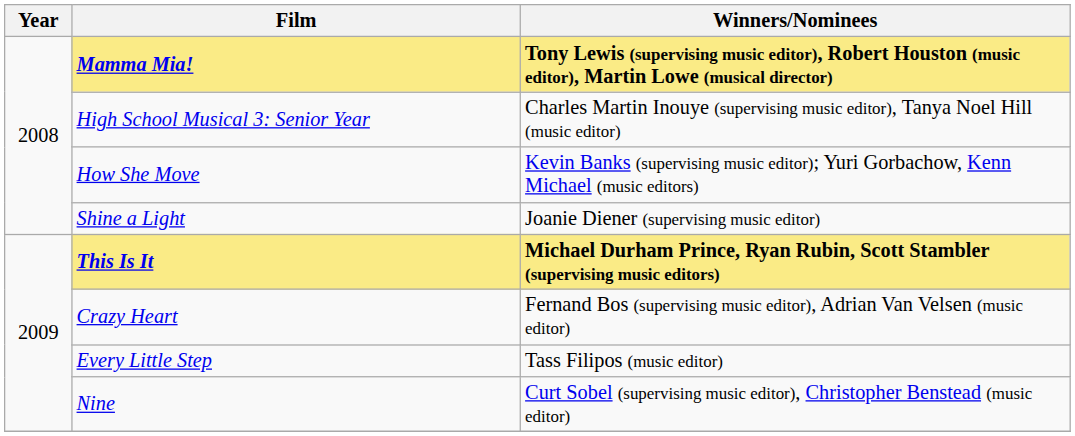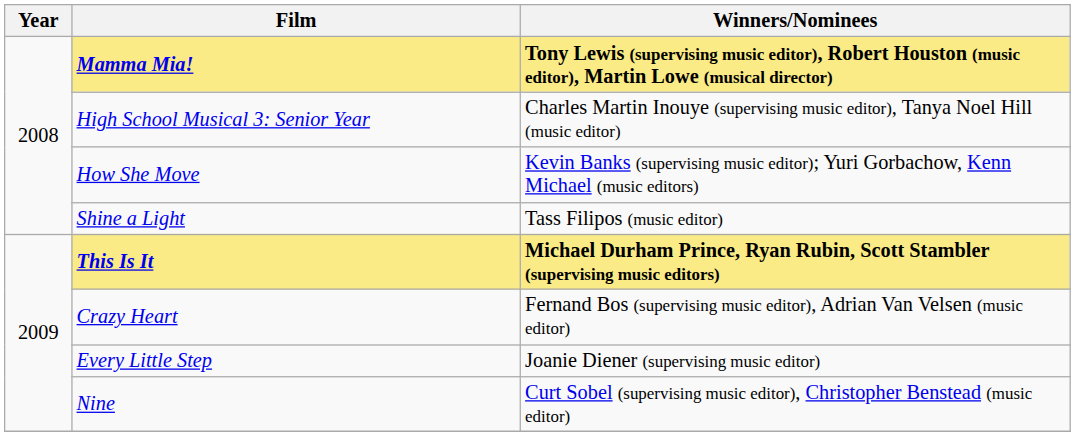 <table class="wikitable" width="95%" cellpadding="5">
 <tr>
 <th width="6%">Year</th>
 <th width="40%">Film</th>
 <th width="49%">Winners/Nominees</th>
 </tr>
 <tr>
 <td rowspan=4 style="text-align:center">2008<br></td>
 <td style="background:#FAEB86;"><strong><em><a href='#'>Mamma Mia!</a></em></strong></td>
 <td style="background:#FAEB86;"><strong>Tony Lewis <small>(supervising music editor)</small>, Robert Houston <small>(music editor)</small>, Martin Lowe <small>(musical director)</small></strong></td>
 </tr>
 <tr>
 <td><em><a href='#'>High School Musical 3: Senior Year</a></em></td>
 <td>Charles Martin Inouye <small>(supervising music editor)</small>, Tanya Noel Hill <small>(music editor)</small></td>
 </tr>
 <tr>
 <td><em><a href='#'>How She Move</a></em></td>
 <td><a href='#'>Kevin Banks</a> <small>(supervising music editor)</small>; Yuri Gorbachow, <a href='#'>Kenn Michael</a> <small>(music editors)</small></td>
 </tr>
 <tr>
 <td><em><a href='#'>Shine a Light</a></em></td>
-<td>Joanie Diener <small>(supervising music editor)</small></td>
+<td>Tass Filipos <small>(music editor)</small></td>
 </tr>
 <tr>
 <td rowspan=4 style="text-align:center">2009<br></td>
 <td style="background:#FAEB86;"><strong><em><a href='#'>This Is It</a></em></strong></td>
 <td style="background:#FAEB86;"><strong>Michael Durham Prince, Ryan Rubin, Scott Stambler <small>(supervising music editors)</small></strong></td>
 </tr>
 <tr>
 <td><em><a href='#'>Crazy Heart</a></em></td>
 <td>Fernand Bos <small>(supervising music editor)</small>, Adrian Van Velsen <small>(music editor)</small></td>
 </tr>
 <tr>
 <td><em><a href='#'>Every Little Step</a></em></td>
-<td>Tass Filipos <small>(music editor)</small></td>
+<td>Joanie Diener <small>(supervising music editor)</small></td>
 </tr>
 <tr>
 <td><em><a href='#'>Nine</a></em></td>
 <td><a href='#'>Curt Sobel</a> <small>(supervising music editor)</small>, <a href='#'>Christopher Benstead</a> <small>(music editor)</small></td>
 </tr>
 <tr>
 </tr>
 </table>
